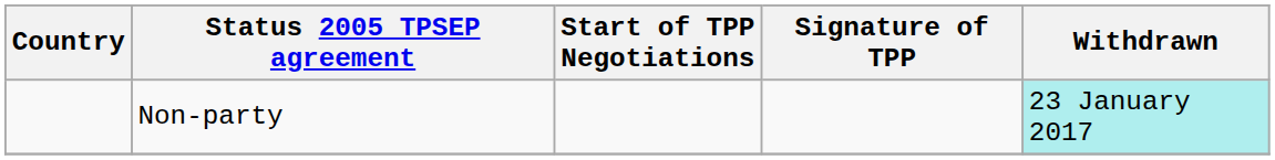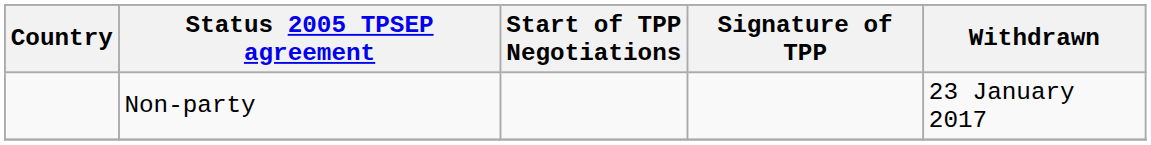 <table class="wikitable sortable">
 <tr>
 <th>Country</th>
 <th>Status <a href='#'>2005 TPSEP agreement</a></th>
 <th>Start of TPP<br>Negotiations</th>
 <th>Signature of TPP</th>
 <th>Withdrawn</th>
 </tr>
 <tr>
 <td></td>
 <td>Non-party</td>
 <td></td>
 <td></td>
-<td style="background: paleturquoise;">23 January 2017</td>
+<td>23 January 2017</td>
 </tr>
 <tr>
 </tr>
 </table>
